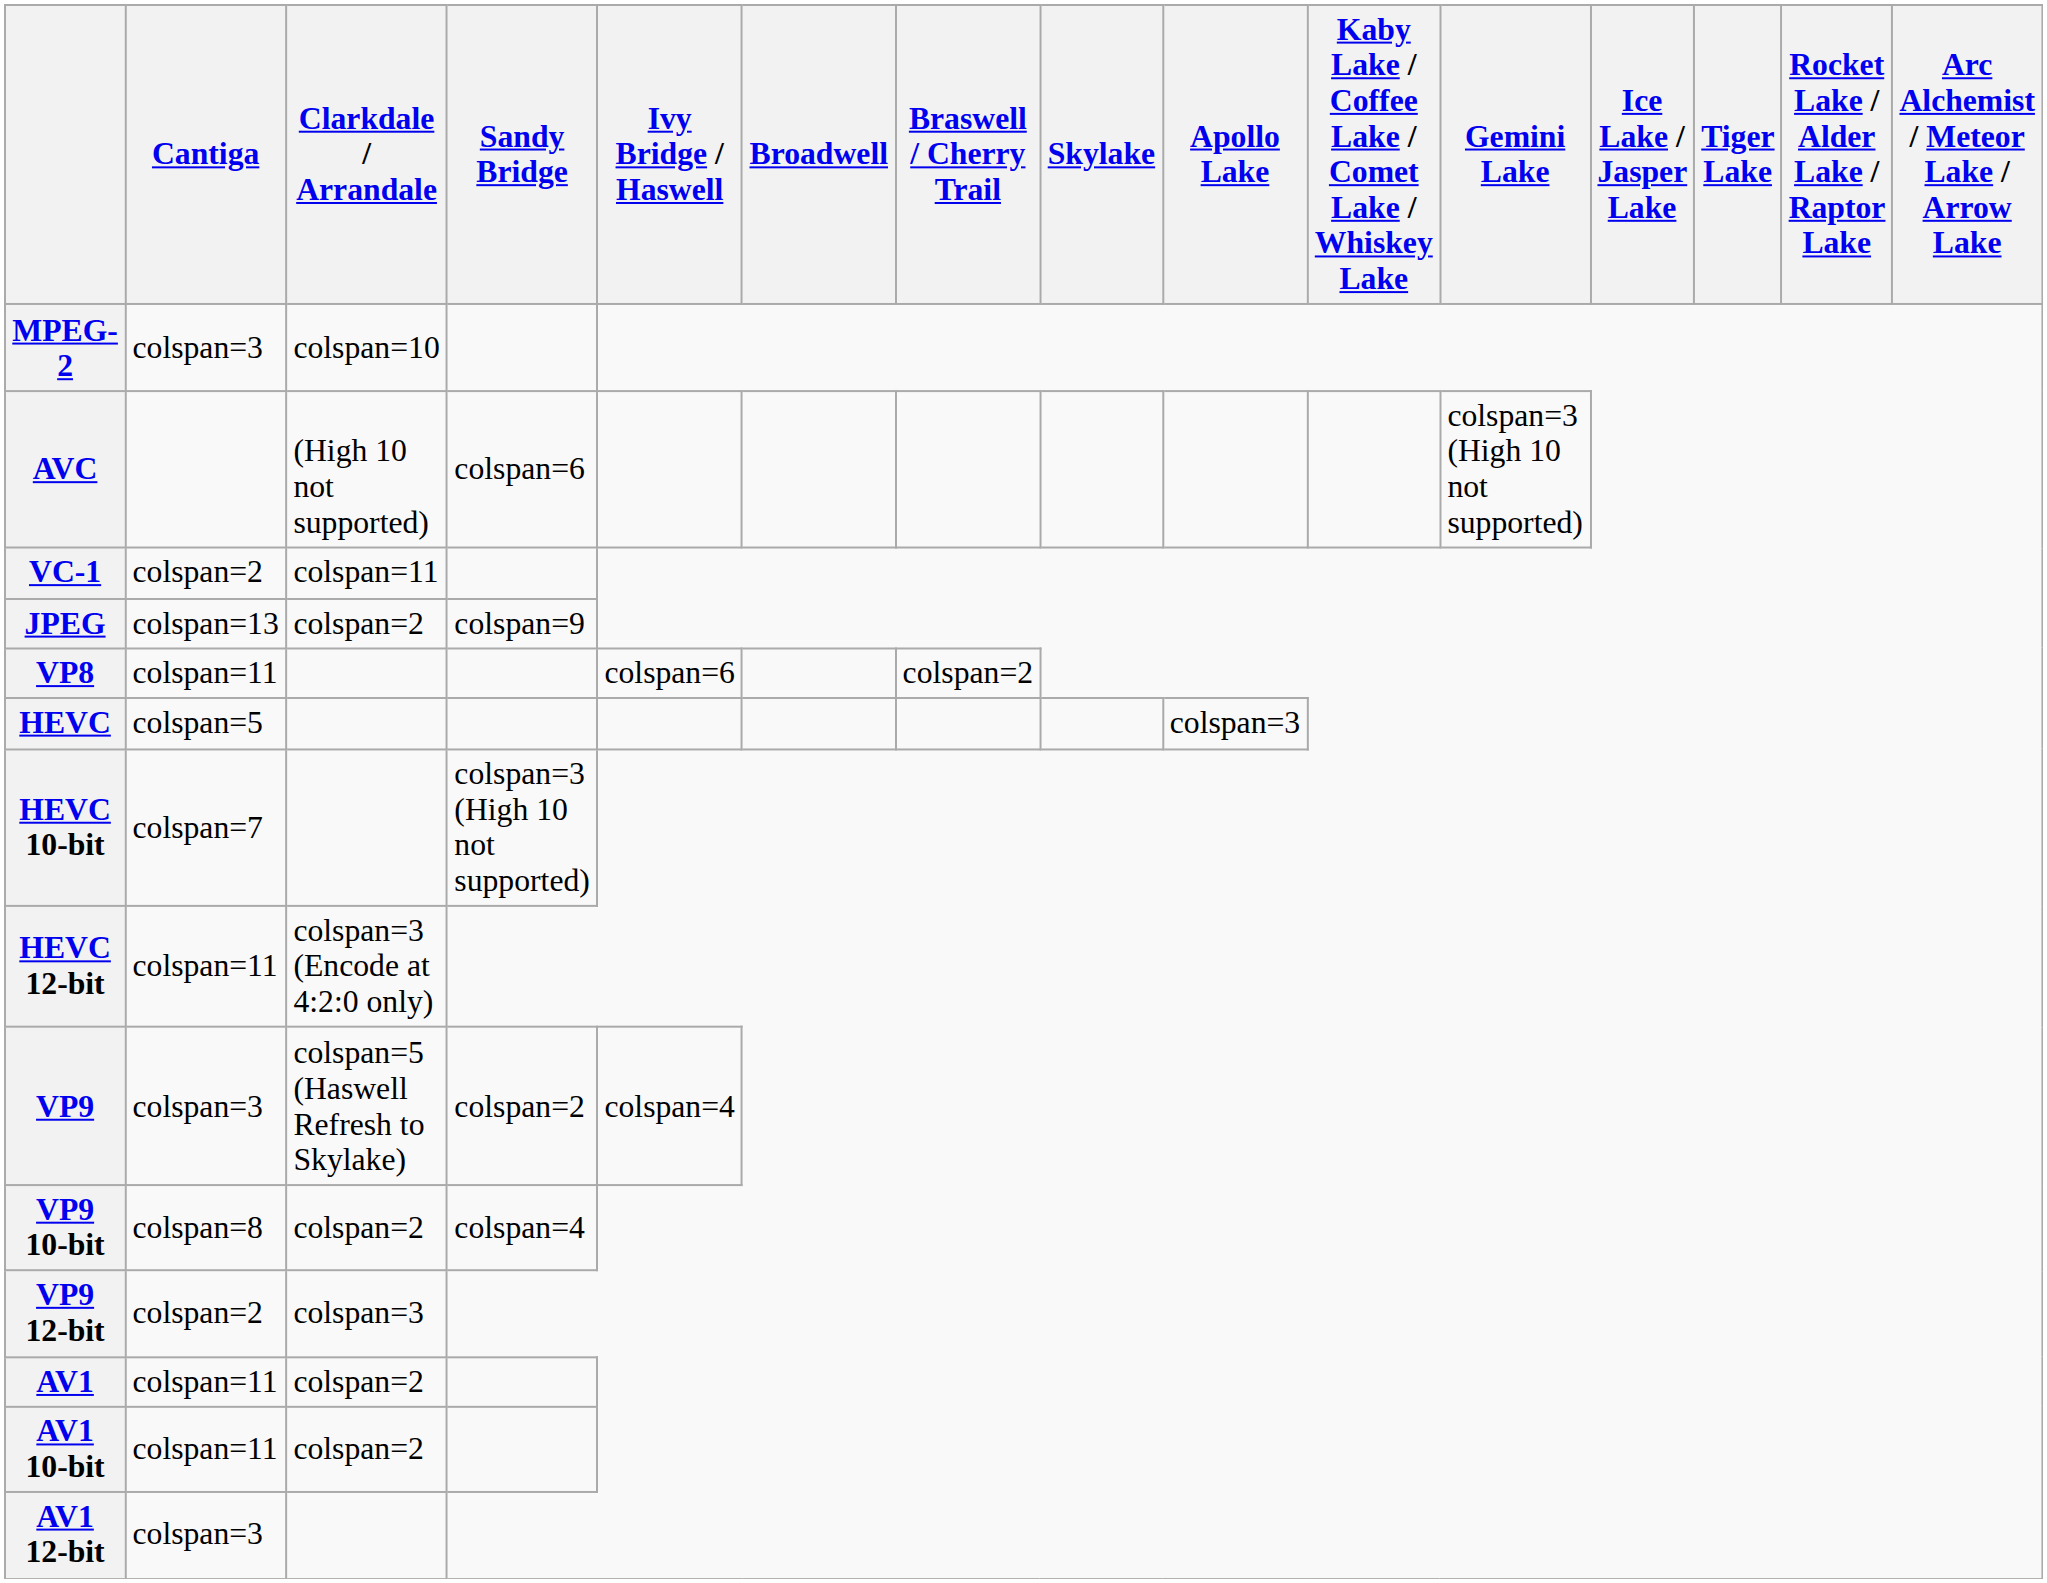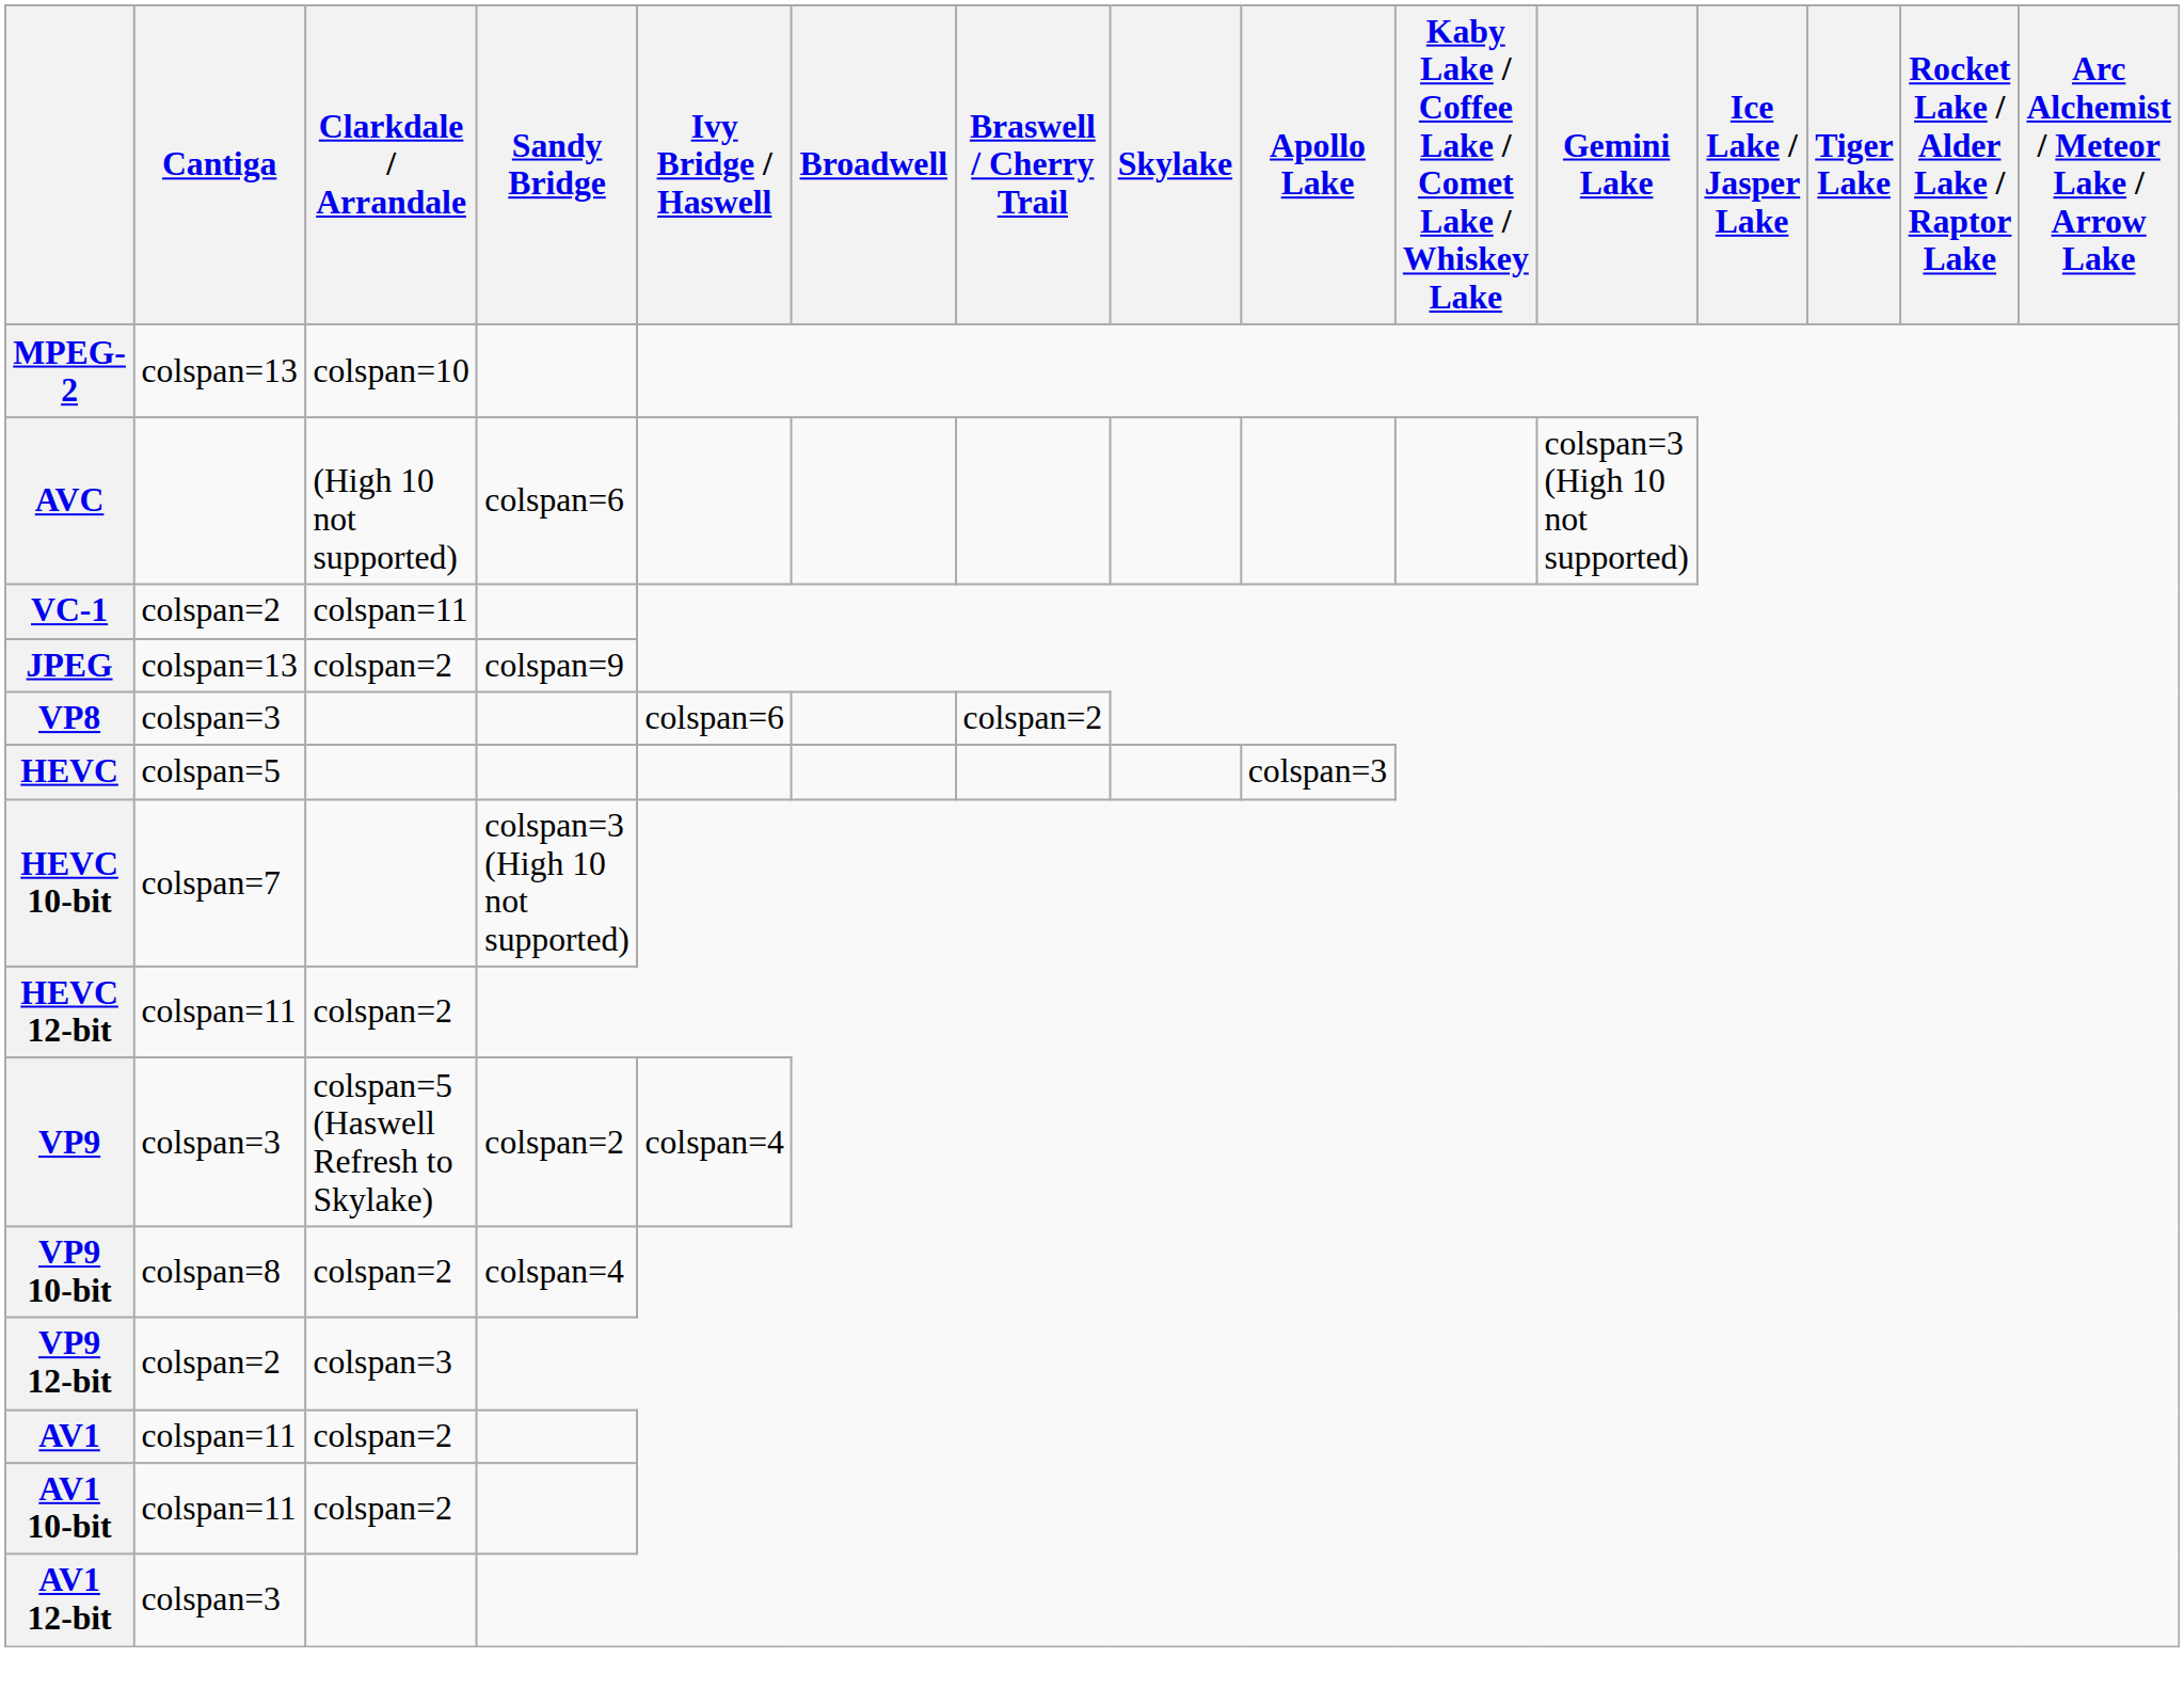 <table class="wikitable">
 <tr>
 <th></th>
 <th><a href='#'>Cantiga</a></th>
 <th><a href='#'>Clarkdale</a> / <a href='#'>Arrandale</a></th>
 <th><a href='#'>Sandy Bridge</a></th>
 <th><a href='#'>Ivy Bridge</a> / <a href='#'>Haswell</a></th>
 <th><a href='#'>Broadwell</a></th>
 <th><a href='#'>Braswell / Cherry Trail</a></th>
 <th><a href='#'>Skylake</a></th>
 <th><a href='#'>Apollo Lake</a></th>
 <th><a href='#'>Kaby Lake</a> / <a href='#'>Coffee Lake</a> / <a href='#'>Comet Lake</a> / <a href='#'>Whiskey Lake</a></th>
 <th><a href='#'>Gemini Lake</a></th>
 <th><a href='#'>Ice Lake</a> / <a href='#'>Jasper Lake</a></th>
 <th><a href='#'>Tiger Lake</a></th>
 <th><a href='#'>Rocket Lake</a> / <a href='#'>Alder Lake</a> / <a href='#'>Raptor Lake</a></th>
 <th><a href='#'>Arc Alchemist</a> / <a href='#'>Meteor Lake</a> / <a href='#'>Arrow Lake</a></th>
 </tr>
 <tr>
 <th><a href='#'>MPEG-2</a></th>
-<td>colspan=3 </td>
+<td>colspan=13 </td>
 <td>colspan=10 </td>
 <td></td>
 </tr>
 <tr>
 <th><a href='#'>AVC</a></th>
 <td></td>
 <td><br>(High 10 not supported)</td>
 <td>colspan=6 </td>
 <td></td>
 <td></td>
 <td></td>
 <td></td>
 <td></td>
 <td></td>
 <td>colspan=3 <br>(High 10 not supported)</td>
 </tr>
 <tr>
 <th><a href='#'>VC-1</a></th>
 <td>colspan=2 </td>
 <td>colspan=11 </td>
 <td></td>
 </tr>
 <tr>
 <th><a href='#'>JPEG</a></th>
 <td>colspan=13 </td>
 <td>colspan=2 </td>
 <td>colspan=9 </td>
 </tr>
 <tr>
 <th><a href='#'>VP8</a></th>
-<td>colspan=11 </td>
+<td>colspan=3 </td>
 <td></td>
 <td></td>
 <td>colspan=6 </td>
 <td></td>
 <td>colspan=2 </td>
 </tr>
 <tr>
 <th><a href='#'>HEVC</a></th>
 <td>colspan=5 </td>
 <td></td>
 <td></td>
 <td></td>
 <td></td>
 <td></td>
 <td></td>
 <td>colspan=3 </td>
 </tr>
 <tr>
 <th><a href='#'>HEVC</a> 10-bit</th>
 <td>colspan=7 </td>
 <td></td>
 <td>colspan=3 <br>(High 10 not supported)</td>
 </tr>
 <tr>
 <th><a href='#'>HEVC</a> 12-bit</th>
 <td>colspan=11 </td>
-<td>colspan=3 <br>(Encode at 4:2:0 only)</td>
+<td>colspan=2 </td>
 </tr>
 <tr>
 <th><a href='#'>VP9</a></th>
 <td>colspan=3 </td>
 <td>colspan=5 <br>(Haswell Refresh to Skylake)</td>
 <td>colspan=2 </td>
 <td>colspan=4 </td>
 </tr>
 <tr>
 <th><a href='#'>VP9</a> 10-bit</th>
 <td>colspan=8 </td>
 <td>colspan=2 </td>
 <td>colspan=4 </td>
 </tr>
 <tr>
 <th><a href='#'>VP9</a> 12-bit</th>
 <td>colspan=2 </td>
 <td>colspan=3 </td>
 </tr>
 <tr>
 <th><a href='#'>AV1</a></th>
 <td>colspan=11 </td>
 <td>colspan=2 </td>
 <td></td>
 </tr>
 <tr>
 <th><a href='#'>AV1</a> 10-bit</th>
 <td>colspan=11 </td>
 <td>colspan=2 </td>
 <td></td>
 </tr>
 <tr>
 <th><a href='#'>AV1</a> 12-bit</th>
 <td>colspan=3 </td>
 <td></td>
 </tr>
 </table>
